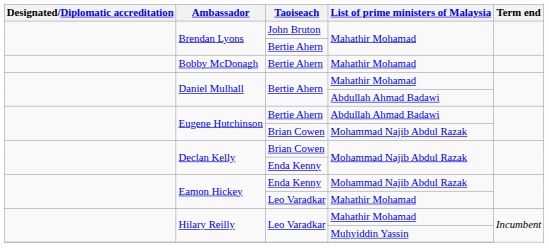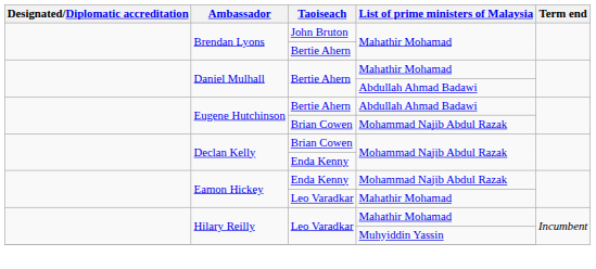 <table class="wikitable">
 <tr>
 <th>Designated/<a href='#'>Diplomatic accreditation</a></th>
 <th><a href='#'>Ambassador</a></th>
 <th><a href='#'>Taoiseach</a></th>
 <th><a href='#'>List of prime ministers of Malaysia</a></th>
 <th>Term end</th>
 </tr>
 <tr>
 <td rowspan="2"></td>
 <td rowspan="2"><a href='#'>Brendan Lyons</a></td>
 <td><a href='#'>John Bruton</a> </td>
 <td rowspan="2"><a href='#'>Mahathir Mohamad</a></td>
 <td rowspan="2"></td>
 </tr>
 <tr>
 <td><a href='#'>Bertie Ahern</a> </td>
-</tr>
-<tr>
-<td></td>
-<td><a href='#'>Bobby McDonagh</a></td>
-<td><a href='#'>Bertie Ahern</a></td>
-<td><a href='#'>Mahathir Mohamad</a></td>
-<td></td>
 </tr>
 <tr>
 <td rowspan="2"></td>
 <td rowspan="2"><a href='#'>Daniel Mulhall</a></td>
 <td rowspan="2"><a href='#'>Bertie Ahern</a></td>
 <td><a href='#'>Mahathir Mohamad</a> </td>
 <td rowspan="2"></td>
 </tr>
 <tr>
 <td><a href='#'>Abdullah Ahmad Badawi</a> </td>
 </tr>
 <tr>
 <td rowspan="3"></td>
 <td rowspan="3"><a href='#'>Eugene Hutchinson</a></td>
 <td><a href='#'>Bertie Ahern</a> </td>
 <td rowspan="2"><a href='#'>Abdullah Ahmad Badawi</a> </td>
 <td rowspan="3"></td>
 </tr>
 <tr>
 <td rowspan="2"><a href='#'>Brian Cowen</a> </td>
 </tr>
 <tr>
 <td><a href='#'>Mohammad Najib Abdul Razak</a> </td>
 </tr>
 <tr>
 <td rowspan="2"></td>
 <td rowspan="2"><a href='#'>Declan Kelly</a></td>
 <td><a href='#'>Brian Cowen</a> </td>
 <td rowspan="2"><a href='#'>Mohammad Najib Abdul Razak</a></td>
 <td rowspan="2"></td>
 </tr>
 <tr>
 <td><a href='#'>Enda Kenny</a> </td>
 </tr>
 <tr>
 <td rowspan="3"></td>
 <td rowspan="3"><a href='#'>Eamon Hickey</a></td>
 <td><a href='#'>Enda Kenny</a> </td>
 <td rowspan="2"><a href='#'>Mohammad Najib Abdul Razak</a> </td>
 <td rowspan="3"></td>
 </tr>
 <tr>
 <td rowspan="2"><a href='#'>Leo Varadkar</a> </td>
 </tr>
 <tr>
 <td><a href='#'>Mahathir Mohamad</a> </td>
 </tr>
 <tr>
 <td rowspan="2"></td>
 <td rowspan="2"><a href='#'>Hilary Reilly</a></td>
 <td rowspan="2"><a href='#'>Leo Varadkar</a></td>
 <td><a href='#'>Mahathir Mohamad</a> </td>
 <td rowspan="3"><em>Incumbent</em></td>
 </tr>
 <tr>
 <td><a href='#'>Muhyiddin Yassin</a> </td>
 </tr>
 <tr>
 </tr>
 </table>
